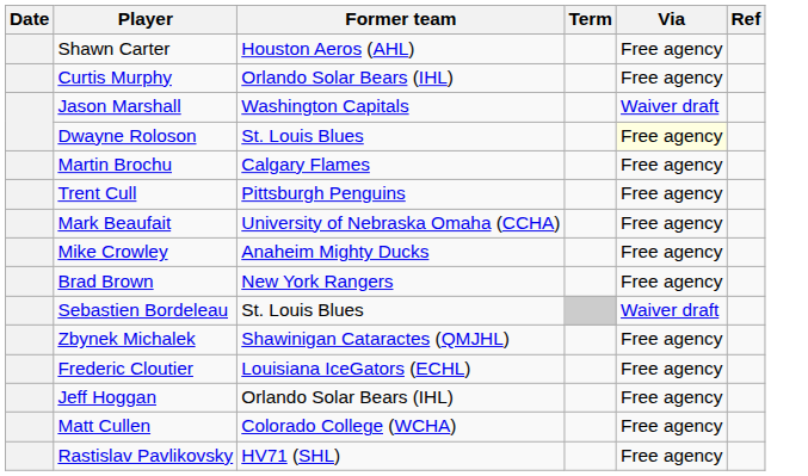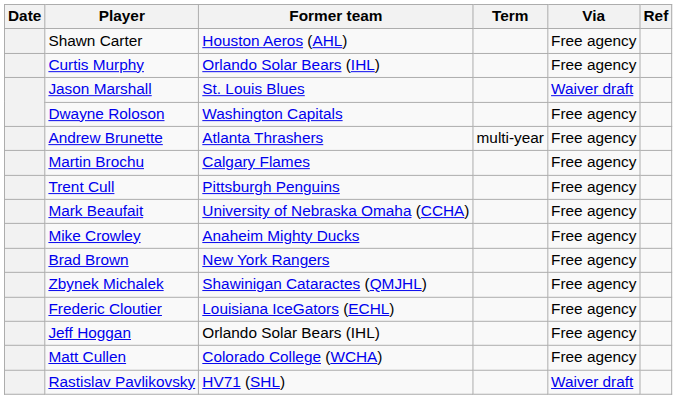 <table class="wikitable plainrowheaders">
 <tr style="background:#ddd; text-align:center;">
 <th>Date</th>
 <th>Player</th>
 <th>Former team</th>
 <th>Term</th>
 <th>Via</th>
 <th>Ref</th>
 </tr>
 <tr>
 <th scope="row"></th>
 <td>Shawn Carter</td>
 <td><a href='#'>Houston Aeros</a> (<a href='#'>AHL</a>)</td>
 <td></td>
 <td>Free agency</td>
 <td></td>
 </tr>
 <tr>
 <th scope="row"></th>
 <td><a href='#'>Curtis Murphy</a></td>
 <td><a href='#'>Orlando Solar Bears</a> (<a href='#'>IHL</a>)</td>
 <td></td>
 <td>Free agency</td>
 <td></td>
 </tr>
 <tr>
 <th scope="row" rowspan=2></th>
 <td><a href='#'>Jason Marshall</a></td>
-<td><a href='#'>Washington Capitals</a></td>
+<td><a href='#'>St. Louis Blues</a></td>
 <td></td>
 <td><a href='#'>Waiver draft</a></td>
 <td></td>
 </tr>
 <tr>
 <td><a href='#'>Dwayne Roloson</a></td>
-<td><a href='#'>St. Louis Blues</a></td>
+<td><a href='#'>Washington Capitals</a></td>
 <td></td>
-<td style="background: lightyellow;">Free agency</td>
+<td>Free agency</td>
+<td></td>
+</tr>
+<tr>
+<th scope="row"></th>
+<td><a href='#'>Andrew Brunette</a></td>
+<td><a href='#'>Atlanta Thrashers</a></td>
+<td>multi-year</td>
+<td>Free agency</td>
 <td></td>
 </tr>
 <tr>
 <th scope="row"></th>
 <td><a href='#'>Martin Brochu</a></td>
 <td><a href='#'>Calgary Flames</a></td>
 <td></td>
 <td>Free agency</td>
 <td></td>
 </tr>
 <tr>
 <th scope="row"></th>
 <td><a href='#'>Trent Cull</a></td>
 <td><a href='#'>Pittsburgh Penguins</a></td>
 <td></td>
 <td>Free agency</td>
 <td></td>
 </tr>
 <tr>
 <th scope="row"></th>
 <td><a href='#'>Mark Beaufait</a></td>
 <td><a href='#'>University of Nebraska Omaha</a> (<a href='#'>CCHA</a>)</td>
 <td></td>
 <td>Free agency</td>
 <td></td>
 </tr>
 <tr>
 <th scope="row"></th>
 <td><a href='#'>Mike Crowley</a></td>
 <td><a href='#'>Anaheim Mighty Ducks</a></td>
 <td></td>
 <td>Free agency</td>
 <td></td>
 </tr>
 <tr>
 <th scope="row"></th>
 <td><a href='#'>Brad Brown</a></td>
 <td><a href='#'>New York Rangers</a></td>
 <td></td>
 <td>Free agency</td>
 <td></td>
 </tr>
 <tr>
 <th scope="row"></th>
-<td><a href='#'>Sebastien Bordeleau</a></td>
-<td>St. Louis Blues</td>
-<td style="background:#ccc"></td>
-<td><a href='#'>Waiver draft</a></td>
-<td></td>
-</tr>
-<tr>
-<th scope="row"></th>
 <td><a href='#'>Zbynek Michalek</a></td>
 <td><a href='#'>Shawinigan Cataractes</a> (<a href='#'>QMJHL</a>)</td>
 <td></td>
 <td>Free agency</td>
 <td></td>
 </tr>
 <tr>
 <th scope="row"></th>
 <td><a href='#'>Frederic Cloutier</a></td>
 <td><a href='#'>Louisiana IceGators</a> (<a href='#'>ECHL</a>)</td>
 <td></td>
 <td>Free agency</td>
 <td></td>
 </tr>
 <tr>
 <th scope="row"></th>
 <td><a href='#'>Jeff Hoggan</a></td>
 <td>Orlando Solar Bears (IHL)</td>
 <td></td>
 <td>Free agency</td>
 <td></td>
 </tr>
 <tr>
 <th scope="row"></th>
 <td><a href='#'>Matt Cullen</a></td>
 <td><a href='#'>Colorado College</a> (<a href='#'>WCHA</a>)</td>
 <td></td>
 <td>Free agency</td>
 <td></td>
 </tr>
 <tr>
 <th scope="row"></th>
 <td><a href='#'>Rastislav Pavlikovsky</a></td>
 <td><a href='#'>HV71</a> (<a href='#'>SHL</a>)</td>
 <td></td>
-<td>Free agency</td>
+<td><a href='#'>Waiver draft</a></td>
 <td></td>
 </tr>
 </table>
